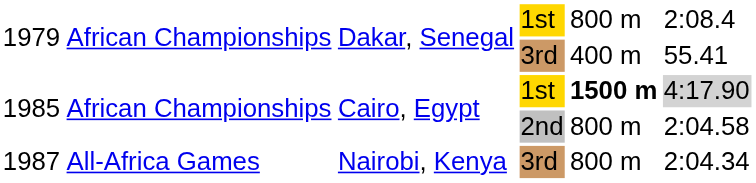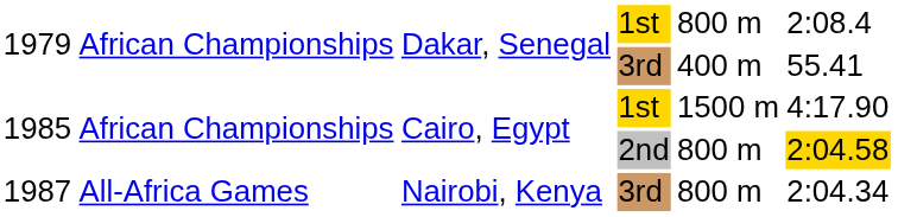 <table>
 <tr>
 <td rowspan=2>1979</td>
 <td rowspan=2><a href='#'>African Championships</a></td>
 <td rowspan=2><a href='#'>Dakar</a>, <a href='#'>Senegal</a></td>
 <td bgcolor=gold>1st</td>
 <td>800 m</td>
 <td>2:08.4</td>
 </tr>
 <tr>
 <td bgcolor="cc9966">3rd</td>
 <td>400 m</td>
 <td>55.41</td>
 </tr>
 <tr>
 <td rowspan=2>1985</td>
 <td rowspan=2><a href='#'>African Championships</a></td>
 <td rowspan=2><a href='#'>Cairo</a>, <a href='#'>Egypt</a></td>
 <td bgcolor=gold>1st</td>
-<td><strong>1500 m</strong></td>
-<td style="background: lightgrey;">4:17.90</td>
+<td>1500 m</td>
+<td>4:17.90</td>
 </tr>
 <tr>
 <td bgcolor=silver>2nd</td>
 <td>800 m</td>
-<td>2:04.58</td>
+<td style="background: gold;">2:04.58</td>
 </tr>
 <tr>
 <td>1987</td>
 <td><a href='#'>All-Africa Games</a></td>
 <td><a href='#'>Nairobi</a>, <a href='#'>Kenya</a></td>
 <td bgcolor="cc9966">3rd</td>
 <td>800 m</td>
 <td>2:04.34</td>
 </tr>
 <tr>
 </tr>
 </table>
